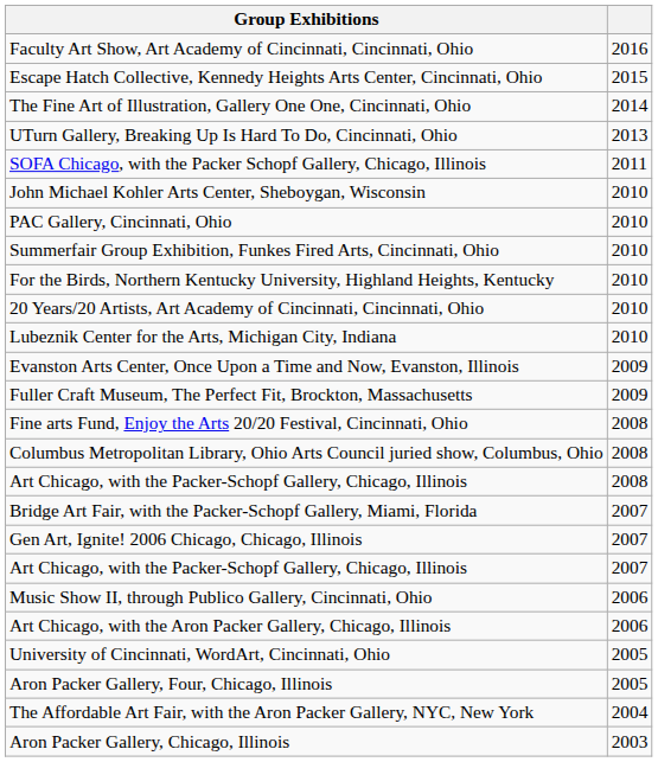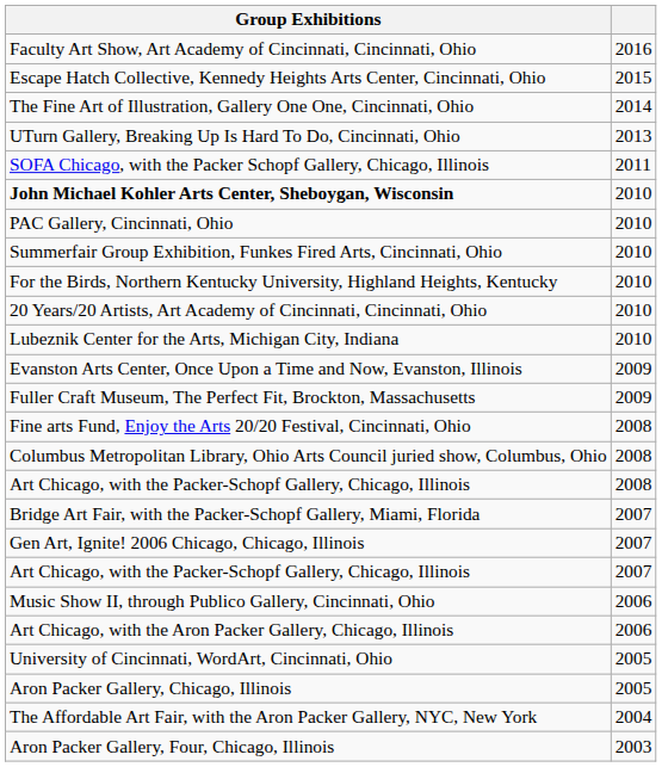 <table class="wikitable">
 <tr>
 <th>Group Exhibitions</th>
 <th></th>
 </tr>
 <tr>
 <td>Faculty Art Show, Art Academy of Cincinnati, Cincinnati, Ohio</td>
 <td>2016</td>
 </tr>
 <tr>
 <td>Escape Hatch Collective, Kennedy Heights Arts Center, Cincinnati, Ohio</td>
 <td>2015</td>
 </tr>
 <tr>
 <td>The Fine Art of Illustration, Gallery One One, Cincinnati, Ohio</td>
 <td>2014</td>
 </tr>
 <tr>
 <td>UTurn Gallery, Breaking Up Is Hard To Do, Cincinnati, Ohio</td>
 <td>2013</td>
 </tr>
 <tr>
 <td><a href='#'>SOFA Chicago</a>, with the Packer Schopf Gallery, Chicago, Illinois</td>
 <td>2011</td>
 </tr>
 <tr>
-<td>John Michael Kohler Arts Center, Sheboygan, Wisconsin</td>
+<td><strong>John Michael Kohler Arts Center, Sheboygan, Wisconsin</strong></td>
 <td>2010</td>
 </tr>
 <tr>
 <td>PAC Gallery, Cincinnati, Ohio</td>
 <td>2010</td>
 </tr>
 <tr>
 <td>Summerfair Group Exhibition, Funkes Fired Arts, Cincinnati, Ohio</td>
 <td>2010</td>
 </tr>
 <tr>
 <td>For the Birds, Northern Kentucky University, Highland Heights, Kentucky</td>
 <td>2010</td>
 </tr>
 <tr>
 <td>20 Years/20 Artists, Art Academy of Cincinnati, Cincinnati, Ohio</td>
 <td>2010</td>
 </tr>
 <tr>
 <td>Lubeznik Center for the Arts, Michigan City, Indiana</td>
 <td>2010</td>
 </tr>
 <tr>
 <td>Evanston Arts Center, Once Upon a Time and Now, Evanston, Illinois</td>
 <td>2009</td>
 </tr>
 <tr>
 <td>Fuller Craft Museum, The Perfect Fit, Brockton, Massachusetts</td>
 <td>2009</td>
 </tr>
 <tr>
 <td>Fine arts Fund, <a href='#'>Enjoy the Arts</a> 20/20 Festival, Cincinnati, Ohio</td>
 <td>2008</td>
 </tr>
 <tr>
 <td>Columbus Metropolitan Library, Ohio Arts Council juried show, Columbus, Ohio</td>
 <td>2008</td>
 </tr>
 <tr>
 <td>Art Chicago, with the Packer-Schopf Gallery, Chicago, Illinois</td>
 <td>2008</td>
 </tr>
 <tr>
 <td>Bridge Art Fair, with the Packer-Schopf Gallery, Miami, Florida</td>
 <td>2007</td>
 </tr>
 <tr>
 <td>Gen Art, Ignite! 2006 Chicago, Chicago, Illinois</td>
 <td>2007</td>
 </tr>
 <tr>
 <td>Art Chicago, with the Packer-Schopf Gallery, Chicago, Illinois</td>
 <td>2007</td>
 </tr>
 <tr>
 <td>Music Show II, through Publico Gallery, Cincinnati, Ohio</td>
 <td>2006</td>
 </tr>
 <tr>
 <td>Art Chicago, with the Aron Packer Gallery, Chicago, Illinois</td>
 <td>2006</td>
 </tr>
 <tr>
 <td>University of Cincinnati, WordArt, Cincinnati, Ohio</td>
 <td>2005</td>
 </tr>
 <tr>
-<td>Aron Packer Gallery, Four, Chicago, Illinois</td>
+<td>Aron Packer Gallery, Chicago, Illinois</td>
 <td>2005</td>
 </tr>
 <tr>
 <td>The Affordable Art Fair, with the Aron Packer Gallery, NYC, New York</td>
 <td>2004</td>
 </tr>
 <tr>
-<td>Aron Packer Gallery, Chicago, Illinois</td>
+<td>Aron Packer Gallery, Four, Chicago, Illinois</td>
 <td>2003</td>
 </tr>
 </table>
